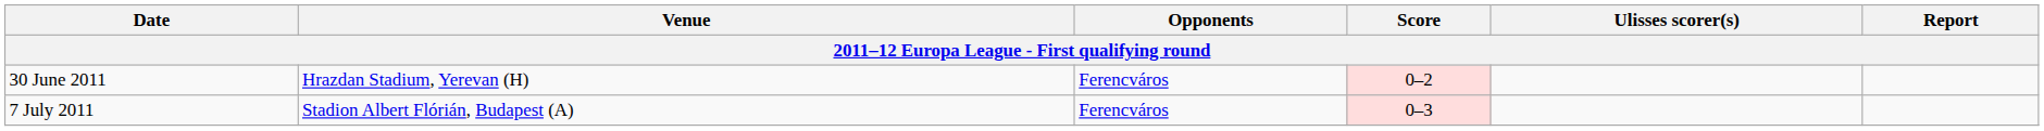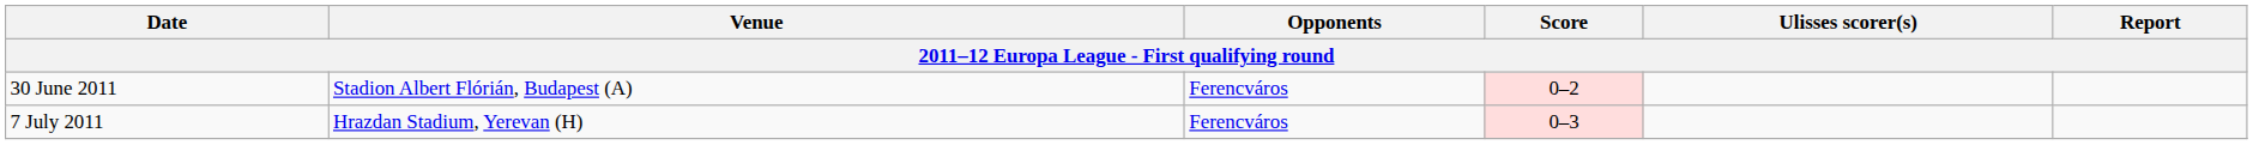 <table class="wikitable" width=85%; style="text-align: left; font-size:95%;">
 <tr>
 <th>Date</th>
 <th>Venue</th>
 <th>Opponents</th>
 <th>Score</th>
 <th>Ulisses scorer(s)</th>
 <th>Report</th>
 </tr>
 <tr>
 <th colspan=7><a href='#'>2011–12 Europa League - First qualifying round</a></th>
 </tr>
 <tr>
 <td>30 June 2011</td>
-<td><a href='#'>Hrazdan Stadium</a>, <a href='#'>Yerevan</a> (H)</td>
+<td><a href='#'>Stadion Albert Flórián</a>, <a href='#'>Budapest</a> (A)</td>
 <td> <a href='#'>Ferencváros</a></td>
 <td align=center bgcolor=ffdddd>0–2</td>
 <td></td>
 <td></td>
 </tr>
 <tr>
 <td>7 July 2011</td>
-<td><a href='#'>Stadion Albert Flórián</a>, <a href='#'>Budapest</a> (A)</td>
+<td><a href='#'>Hrazdan Stadium</a>, <a href='#'>Yerevan</a> (H)</td>
 <td> <a href='#'>Ferencváros</a></td>
 <td align=center bgcolor=ffdddd>0–3</td>
 <td></td>
 <td></td>
 </tr>
 <tr>
 </tr>
 </table>
